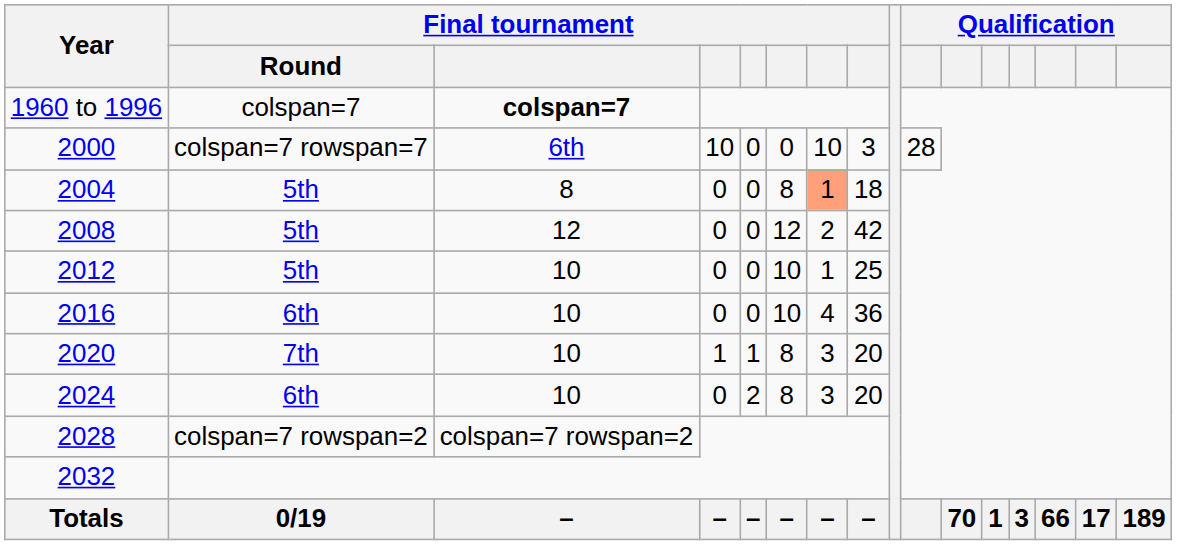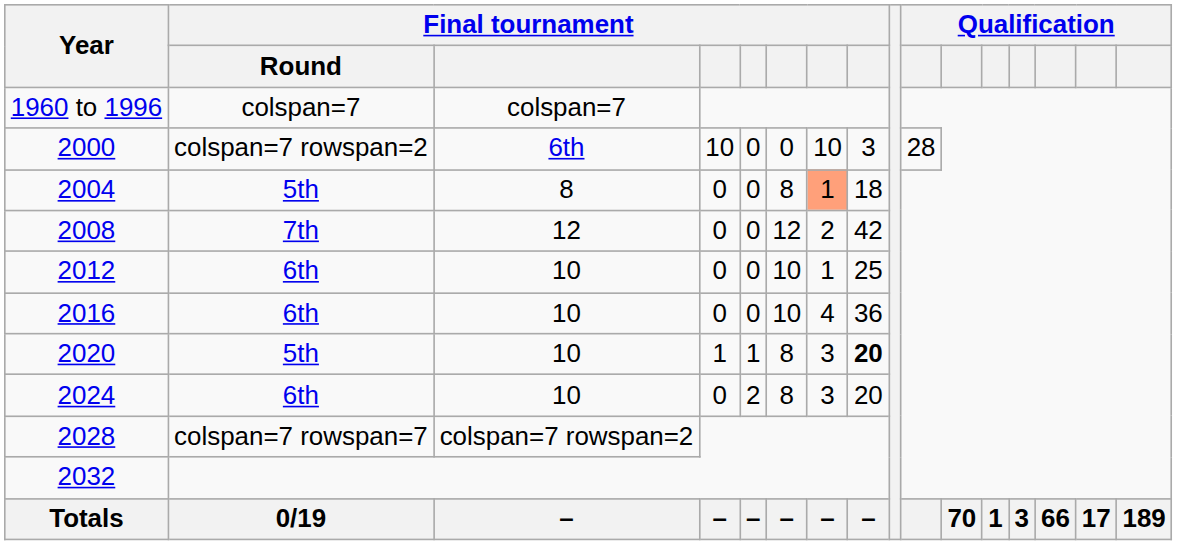 <table class="wikitable" style="text-align: center;font-size:100%;">
 <tr>
 <th rowspan="2">Year</th>
 <th colspan="7"><a href='#'>Final tournament</a></th>
 <th rowspan="22"></th>
 <th colspan="7"><a href='#'>Qualification</a></th>
 </tr>
 <tr>
 <th>Round</th>
 <th></th>
 <th></th>
 <th></th>
 <th></th>
 <th></th>
 <th></th>
 <th></th>
 <th></th>
 <th></th>
 <th></th>
 <th></th>
 <th></th>
 <th></th>
 </tr>
 <tr>
 <td> <a href='#'>1960</a> to  <a href='#'>1996</a></td>
 <td>colspan=7 </td>
-<td><strong>colspan=7 </strong></td>
+<td>colspan=7 </td>
 </tr>
 <tr>
 <td>  <a href='#'>2000</a></td>
-<td>colspan=7 rowspan=7 </td>
+<td>colspan=7 rowspan=2 </td>
 <td><a href='#'>6th</a></td>
 <td>10</td>
 <td>0</td>
 <td>0</td>
 <td>10</td>
 <td>3</td>
 <td>28</td>
 </tr>
 <tr>
 <td> <a href='#'>2004</a></td>
 <td><a href='#'>5th</a></td>
 <td>8</td>
 <td>0</td>
 <td>0</td>
 <td>8</td>
 <td style="background: lightsalmon;">1</td>
 <td>18</td>
 </tr>
 <tr>
 <td>  <a href='#'>2008</a></td>
-<td><a href='#'>5th</a></td>
+<td><a href='#'>7th</a></td>
 <td>12</td>
 <td>0</td>
 <td>0</td>
 <td>12</td>
 <td>2</td>
 <td>42</td>
 </tr>
 <tr>
 <td>  <a href='#'>2012</a></td>
-<td><a href='#'>5th</a></td>
+<td><a href='#'>6th</a></td>
 <td>10</td>
 <td>0</td>
 <td>0</td>
 <td>10</td>
 <td>1</td>
 <td>25</td>
 </tr>
 <tr>
 <td> <a href='#'>2016</a></td>
 <td><a href='#'>6th</a></td>
 <td>10</td>
 <td>0</td>
 <td>0</td>
 <td>10</td>
 <td>4</td>
 <td>36</td>
 </tr>
 <tr>
 <td> <a href='#'>2020</a></td>
-<td><a href='#'>7th</a></td>
+<td><a href='#'>5th</a></td>
 <td>10</td>
 <td>1</td>
 <td>1</td>
 <td>8</td>
 <td>3</td>
-<td>20</td>
+<td><strong>20</strong></td>
 </tr>
 <tr>
 <td> <a href='#'>2024</a></td>
 <td><a href='#'>6th</a></td>
 <td>10</td>
 <td>0</td>
 <td>2</td>
 <td>8</td>
 <td>3</td>
 <td>20</td>
 </tr>
 <tr>
 <td>  <a href='#'>2028</a></td>
-<td>colspan=7 rowspan=2 </td>
+<td>colspan=7 rowspan=7 </td>
 <td>colspan=7 rowspan=2 </td>
 </tr>
 <tr>
 <td>  <a href='#'>2032</a></td>
 </tr>
 <tr>
 <th>Totals</th>
 <th>0/19</th>
 <th>–</th>
 <th>–</th>
 <th>–</th>
 <th>–</th>
 <th>–</th>
 <th>–</th>
 <th></th>
 <th>70</th>
 <th>1</th>
 <th>3</th>
 <th>66</th>
 <th>17</th>
 <th>189</th>
 </tr>
 </table>
